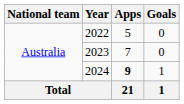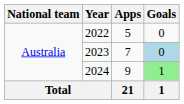 <table class=wikitable style="text-align: center">
 <tr>
 <th>National team</th>
 <th>Year</th>
 <th>Apps</th>
 <th>Goals</th>
 </tr>
 <tr>
 <td rowspan="3"><a href='#'>Australia</a></td>
 <td>2022</td>
 <td>5</td>
 <td>0</td>
 </tr>
 <tr>
 <td>2023</td>
 <td>7</td>
-<td>0</td>
+<td style="background: lightblue;">0</td>
 </tr>
 <tr>
 <td>2024</td>
-<td><strong>9</strong></td>
-<td>1</td>
+<td>9</td>
+<td style="background: lightgreen;">1</td>
 </tr>
 <tr>
 <th colspan="2">Total</th>
 <th>21</th>
 <th>1</th>
 </tr>
 </table>
